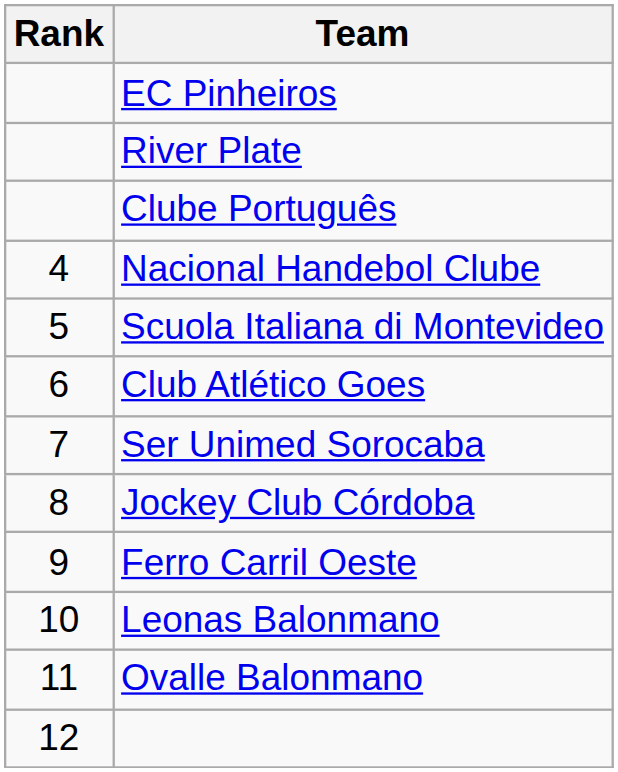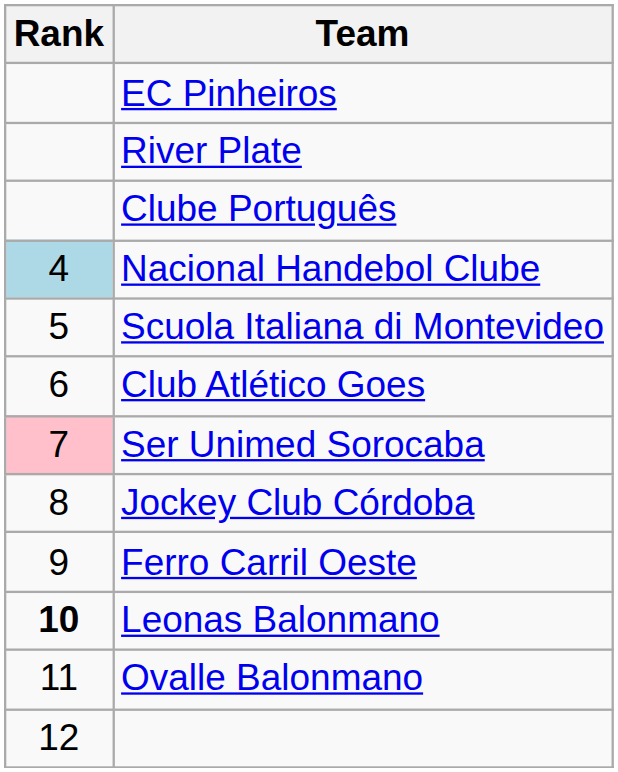 <table class="wikitable">
 <tr>
 <th>Rank</th>
 <th>Team</th>
 </tr>
 <tr>
 <td align=center></td>
 <td> <a href='#'>EC Pinheiros</a></td>
 </tr>
 <tr>
 <td align=center></td>
 <td> <a href='#'>River Plate</a></td>
 </tr>
 <tr>
 <td align=center></td>
 <td> <a href='#'>Clube Português</a></td>
 </tr>
 <tr>
-<td align=center>4</td>
+<td align=center style="background: lightblue;">4</td>
 <td> <a href='#'>Nacional Handebol Clube</a></td>
 </tr>
 <tr>
 <td align=center>5</td>
 <td> <a href='#'>Scuola Italiana di Montevideo</a></td>
 </tr>
 <tr>
 <td align=center>6</td>
 <td> <a href='#'>Club Atlético Goes</a></td>
 </tr>
 <tr>
-<td align=center>7</td>
+<td align=center style="background: pink;">7</td>
 <td> <a href='#'>Ser Unimed Sorocaba</a></td>
 </tr>
 <tr>
 <td align=center>8</td>
 <td> <a href='#'>Jockey Club Córdoba</a></td>
 </tr>
 <tr>
 <td align=center>9</td>
 <td> <a href='#'>Ferro Carril Oeste</a></td>
 </tr>
 <tr>
-<td align=center>10</td>
+<td align=center><strong>10</strong></td>
 <td> <a href='#'>Leonas Balonmano</a></td>
 </tr>
 <tr>
 <td align=center>11</td>
 <td> <a href='#'>Ovalle Balonmano</a></td>
 </tr>
 <tr>
 <td align=center>12</td>
 <td> </td>
 </tr>
 </table>
